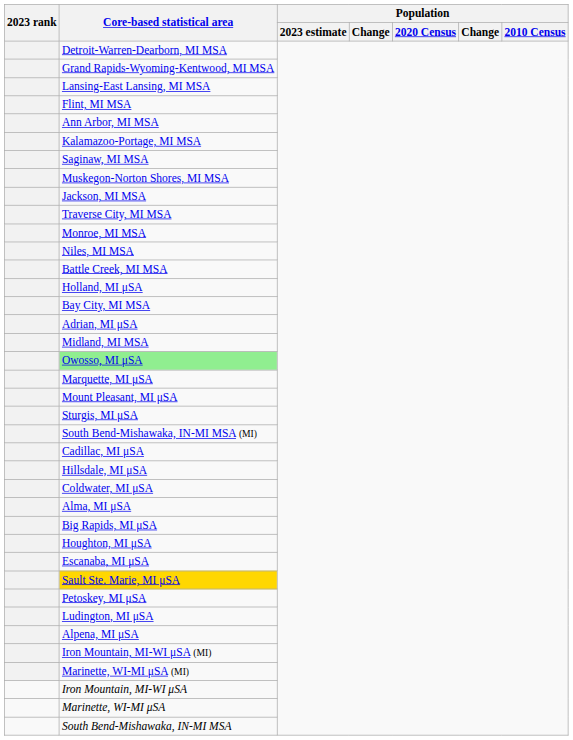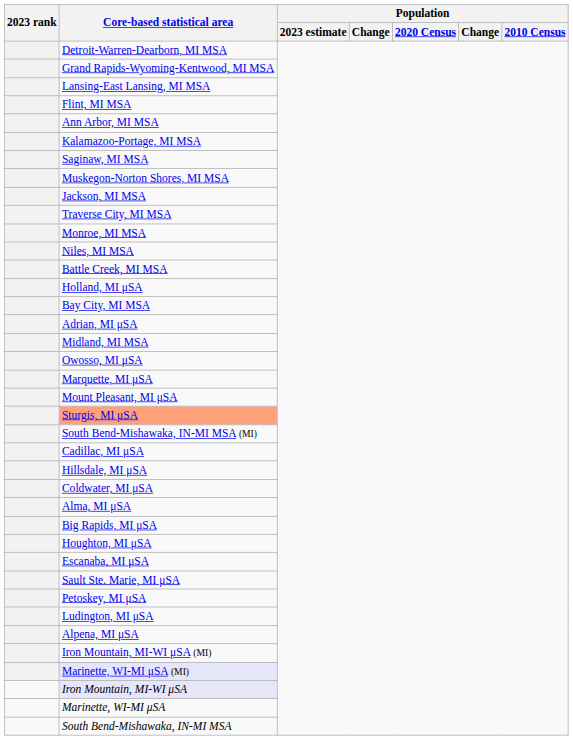 <table class="wikitable sortable">
 <tr>
 <th scope=col rowspan=2>2023 rank</th>
 <th scope=col rowspan=2><a href='#'>Core-based statistical area</a></th>
 <th colspan=5>Population</th>
 </tr>
 <tr>
 <th scope=col>2023 estimate</th>
 <th scope=col>Change</th>
 <th scope=col><a href='#'>2020 Census</a></th>
 <th scope=col>Change</th>
 <th scope=col><a href='#'>2010 Census</a></th>
 </tr>
 <tr>
 <th scope=row></th>
 <td><a href='#'>Detroit-Warren-Dearborn, MI MSA</a><br></td>
 </tr>
 <tr>
 <th scope=row></th>
 <td><a href='#'>Grand Rapids-Wyoming-Kentwood, MI MSA</a><br></td>
 </tr>
 <tr>
 <th scope=row></th>
 <td><a href='#'>Lansing-East Lansing, MI MSA</a><br></td>
 </tr>
 <tr>
 <th scope=row></th>
 <td><a href='#'>Flint, MI MSA</a><br></td>
 </tr>
 <tr>
 <th scope=row></th>
 <td><a href='#'>Ann Arbor, MI MSA</a><br></td>
 </tr>
 <tr>
 <th scope=row></th>
 <td><a href='#'>Kalamazoo-Portage, MI MSA</a><br></td>
 </tr>
 <tr>
 <th scope=row></th>
 <td><a href='#'>Saginaw, MI MSA</a><br></td>
 </tr>
 <tr>
 <th scope=row></th>
 <td><a href='#'>Muskegon-Norton Shores, MI MSA</a><br></td>
 </tr>
 <tr>
 <th scope=row></th>
 <td><a href='#'>Jackson, MI MSA</a><br></td>
 </tr>
 <tr>
 <th scope=row></th>
 <td><a href='#'>Traverse City, MI MSA</a><br></td>
 </tr>
 <tr>
 <th scope=row></th>
 <td><a href='#'>Monroe, MI MSA</a><br></td>
 </tr>
 <tr>
 <th scope=row></th>
 <td><a href='#'>Niles, MI MSA</a><br></td>
 </tr>
 <tr>
 <th scope=row></th>
 <td><a href='#'>Battle Creek, MI MSA</a><br></td>
 </tr>
 <tr>
 <th scope=row></th>
 <td><a href='#'>Holland, MI μSA</a><br></td>
 </tr>
 <tr>
 <th scope=row></th>
 <td><a href='#'>Bay City, MI MSA</a><br></td>
 </tr>
 <tr>
 <th scope=row></th>
 <td><a href='#'>Adrian, MI μSA</a><br></td>
 </tr>
 <tr>
 <th scope=row></th>
 <td><a href='#'>Midland, MI MSA</a><br></td>
 </tr>
 <tr>
 <th scope=row></th>
-<td style="background: lightgreen;"><a href='#'>Owosso, MI μSA</a><br></td>
+<td><a href='#'>Owosso, MI μSA</a><br></td>
 </tr>
 <tr>
 <th scope=row></th>
 <td><a href='#'>Marquette, MI μSA</a><br></td>
 </tr>
 <tr>
 <th scope=row></th>
 <td><a href='#'>Mount Pleasant, MI μSA</a><br></td>
 </tr>
 <tr>
 <th scope=row></th>
-<td><a href='#'>Sturgis, MI μSA</a><br></td>
+<td style="background: lightsalmon;"><a href='#'>Sturgis, MI μSA</a><br></td>
 </tr>
 <tr>
 <th scope=row></th>
 <td><a href='#'>South Bend-Mishawaka, IN-MI MSA</a> <small>(MI)</small><br></td>
 </tr>
 <tr>
 <th scope=row></th>
 <td><a href='#'>Cadillac, MI μSA</a><br></td>
 </tr>
 <tr>
 <th scope=row></th>
 <td><a href='#'>Hillsdale, MI μSA</a><br></td>
 </tr>
 <tr>
 <th scope=row></th>
 <td><a href='#'>Coldwater, MI μSA</a><br></td>
 </tr>
 <tr>
 <th scope=row></th>
 <td><a href='#'>Alma, MI μSA</a><br></td>
 </tr>
 <tr>
 <th scope=row></th>
 <td><a href='#'>Big Rapids, MI μSA</a><br></td>
 </tr>
 <tr>
 <th scope=row></th>
 <td><a href='#'>Houghton, MI μSA</a><br></td>
 </tr>
 <tr>
 <th scope=row></th>
 <td><a href='#'>Escanaba, MI μSA</a><br></td>
 </tr>
 <tr>
 <th scope=row></th>
-<td style="background: gold;"><a href='#'>Sault Ste. Marie, MI μSA</a><br></td>
+<td><a href='#'>Sault Ste. Marie, MI μSA</a><br></td>
 </tr>
 <tr>
 <th scope=row></th>
 <td><a href='#'>Petoskey, MI μSA</a><br></td>
 </tr>
 <tr>
 <th scope=row></th>
 <td><a href='#'>Ludington, MI μSA</a><br></td>
 </tr>
 <tr>
 <th scope=row></th>
 <td><a href='#'>Alpena, MI μSA</a><br></td>
 </tr>
 <tr>
 <th scope=row></th>
 <td><a href='#'>Iron Mountain, MI-WI μSA</a> <small>(MI)</small><br></td>
 </tr>
 <tr>
 <th scope=row></th>
-<td><a href='#'>Marinette, WI-MI μSA</a> <small>(MI)</small><br></td>
+<td style="background: lavender;"><a href='#'>Marinette, WI-MI μSA</a> <small>(MI)</small><br></td>
 </tr>
 <tr>
 <td></td>
-<td><em><span>Iron Mountain, MI-WI μSA</span></em><br></td>
+<td style="background: lavender;"><em><span>Iron Mountain, MI-WI μSA</span></em><br></td>
 </tr>
 <tr>
 <td></td>
 <td><em><span>Marinette, WI-MI μSA</span></em><br></td>
 </tr>
 <tr>
 <td></td>
 <td><em><span>South Bend-Mishawaka, IN-MI MSA</span></em><br></td>
 </tr>
 </table>
